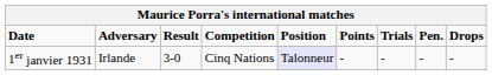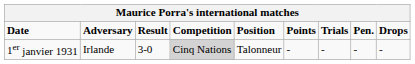 <table class="wikitable">
 <tr>
 <th colspan="9">Maurice Porra's international matches</th>
 </tr>
 <tr>
 <td><strong>Date</strong></td>
 <td><strong>Adversary</strong></td>
 <td><strong>Result</strong></td>
 <td><strong>Competition</strong></td>
 <td><strong>Position</strong></td>
 <td><strong>Points</strong></td>
 <td><strong>Trials</strong></td>
 <td><strong>Pen.</strong></td>
 <td><strong>Drops</strong></td>
 </tr>
 <tr>
 <td><abbr>1<sup>er</sup></abbr> janvier 1931</td>
 <td>Irlande</td>
 <td>3-0</td>
-<td>Cinq Nations</td>
-<td style="background: lavender;">Talonneur</td>
+<td style="background: lightgrey;">Cinq Nations</td>
+<td>Talonneur</td>
 <td>-</td>
 <td>-</td>
 <td>-</td>
 <td>-</td>
 </tr>
 </table>
